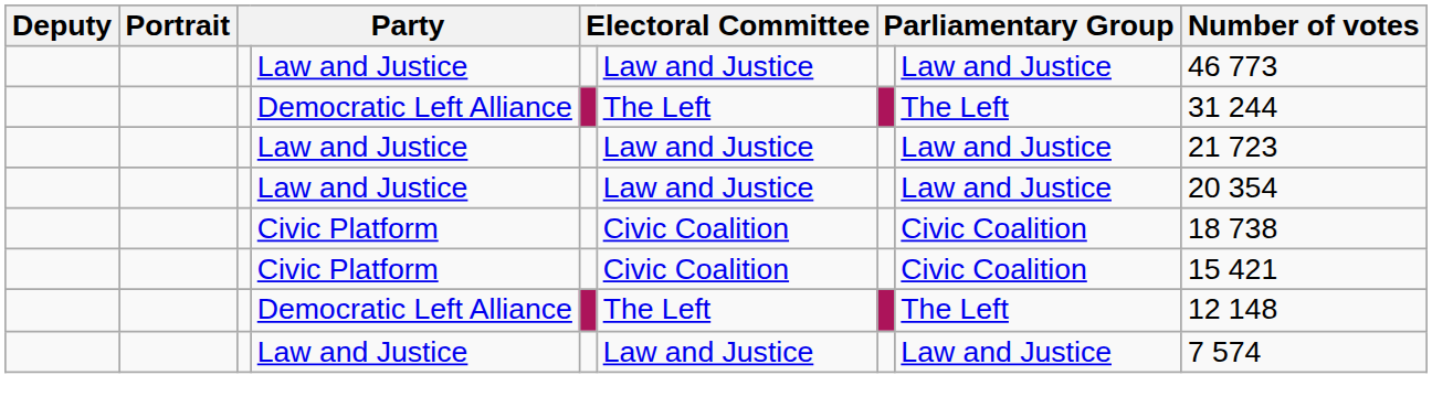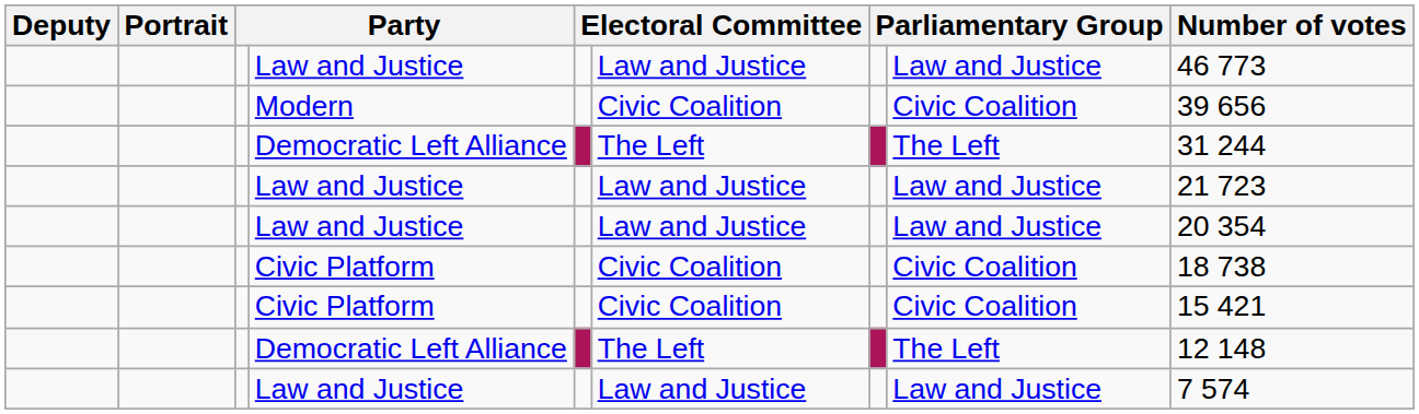 <table class="wikitable sortable" style="font-size:95%;line-height:14px;">
 <tr>
 <th>Deputy</th>
 <th>Portrait</th>
 <th colspan="2">Party</th>
 <th colspan="2">Electoral Committee</th>
 <th colspan="2">Parliamentary Group</th>
 <th>Number of votes</th>
 </tr>
 <tr>
 <td></td>
 <td></td>
 <td style="background:"></td>
 <td><a href='#'>Law and Justice</a></td>
 <td style="background:"></td>
 <td><a href='#'>Law and Justice</a></td>
 <td style="background:"></td>
 <td><a href='#'>Law and Justice</a></td>
 <td>46 773</td>
+</tr>
+<tr>
+<td></td>
+<td></td>
+<td style="background:"></td>
+<td><a href='#'>Modern</a></td>
+<td style="background:"></td>
+<td><a href='#'>Civic Coalition</a></td>
+<td style="background:"></td>
+<td><a href='#'>Civic Coalition</a></td>
+<td>39 656</td>
 </tr>
 <tr>
 <td></td>
 <td></td>
 <td style="background:"></td>
 <td><a href='#'>Democratic Left Alliance</a></td>
 <td style="background:#AC145A;"></td>
 <td><a href='#'>The Left</a></td>
 <td style="background:#AC145A;"></td>
 <td><a href='#'>The Left</a></td>
 <td>31 244</td>
 </tr>
 <tr>
 <td></td>
 <td></td>
 <td style="background:"></td>
 <td><a href='#'>Law and Justice</a></td>
 <td style="background:"></td>
 <td><a href='#'>Law and Justice</a></td>
 <td style="background:"></td>
 <td><a href='#'>Law and Justice</a></td>
 <td>21 723</td>
 </tr>
 <tr>
 <td></td>
 <td></td>
 <td style="background:"></td>
 <td><a href='#'>Law and Justice</a></td>
 <td style="background:"></td>
 <td><a href='#'>Law and Justice</a></td>
 <td style="background:"></td>
 <td><a href='#'>Law and Justice</a></td>
 <td>20 354</td>
 </tr>
 <tr>
 <td></td>
 <td></td>
 <td style="background:"></td>
 <td><a href='#'>Civic Platform</a></td>
 <td style="background:"></td>
 <td><a href='#'>Civic Coalition</a></td>
 <td style="background:"></td>
 <td><a href='#'>Civic Coalition</a></td>
 <td>18 738</td>
 </tr>
 <tr>
 <td></td>
 <td></td>
 <td style="background:"></td>
 <td><a href='#'>Civic Platform</a></td>
 <td style="background:"></td>
 <td><a href='#'>Civic Coalition</a></td>
 <td style="background:"></td>
 <td><a href='#'>Civic Coalition</a></td>
 <td>15 421</td>
 </tr>
 <tr>
 <td></td>
 <td></td>
 <td style="background:"></td>
 <td><a href='#'>Democratic Left Alliance</a></td>
 <td style="background:#AC145A;"></td>
 <td><a href='#'>The Left</a></td>
 <td style="background:#AC145A;"></td>
 <td><a href='#'>The Left</a></td>
 <td>12 148</td>
 </tr>
 <tr>
 <td></td>
 <td></td>
 <td style="background:"></td>
 <td><a href='#'>Law and Justice</a></td>
 <td style="background:"></td>
 <td><a href='#'>Law and Justice</a></td>
 <td style="background:"></td>
 <td><a href='#'>Law and Justice</a></td>
 <td>7 574</td>
 </tr>
 </table>
